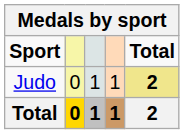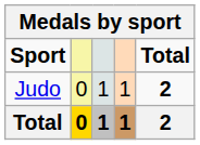 <table class=wikitable style="font-size:95%">
 <tr bgcolor=efefef>
 <th colspan=5>Medals by sport</th>
 </tr>
 <tr align=center>
 <td><strong>Sport</strong></td>
 <td style="background:#f7f6a8;"></td>
 <td style="background:#dce5e5;"></td>
 <td style="background:#ffdab9;"></td>
 <td><strong>Total</strong></td>
 </tr>
 <tr align=center>
 <td><a href='#'>Judo</a></td>
 <td style="background:#F7F6A8;">0</td>
 <td style="background:#DCE5E5;">1</td>
 <td style="background:#FFDAB9;">1</td>
-<td style="background: khaki;"><strong>2</strong></td>
+<td><strong>2</strong></td>
 </tr>
 <tr align=center>
 <th>Total</th>
 <th style="background:gold;">0</th>
 <th style="background:silver;">1</th>
 <th style="background:#c96;">1</th>
 <th>2</th>
 </tr>
 </table>
